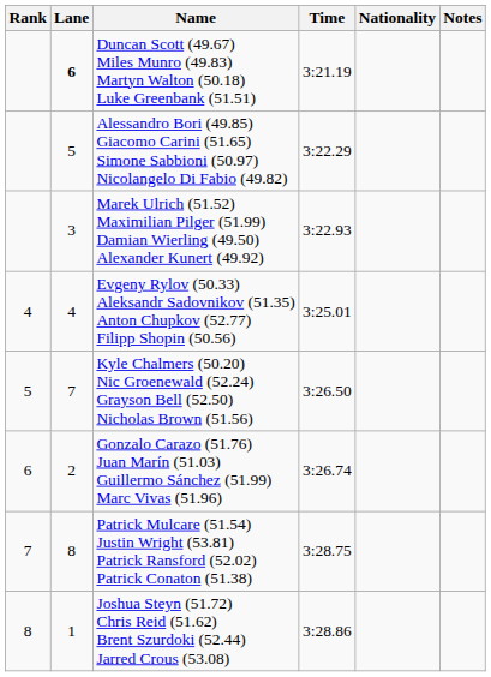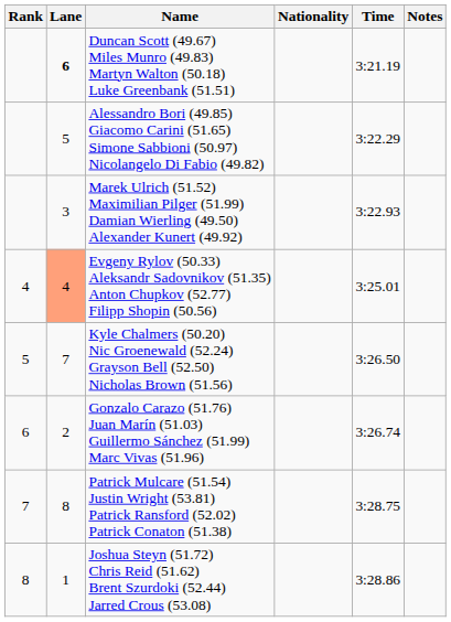 <table class="wikitable sortable" style="text-align:center">
 <tr>
 <th>Rank</th>
 <th>Lane</th>
 <th>Name</th>
+<th>Nationality</th>
 <th>Time</th>
-<th>Nationality</th>
 <th>Notes</th>
 </tr>
 <tr>
 <td></td>
 <td><strong>6</strong></td>
 <td align=left><a href='#'>Duncan Scott</a> (49.67)<br><a href='#'>Miles Munro</a> (49.83)<br><a href='#'>Martyn Walton</a> (50.18)<br><a href='#'>Luke Greenbank</a> (51.51)</td>
+<td align=left></td>
 <td>3:21.19</td>
-<td align=left></td>
 <td></td>
 </tr>
 <tr>
 <td></td>
 <td>5</td>
 <td align=left><a href='#'>Alessandro Bori</a> (49.85)<br><a href='#'>Giacomo Carini</a> (51.65)<br><a href='#'>Simone Sabbioni</a> (50.97)<br><a href='#'>Nicolangelo Di Fabio</a> (49.82)</td>
+<td align=left></td>
 <td>3:22.29</td>
-<td align=left></td>
 <td></td>
 </tr>
 <tr>
 <td></td>
 <td>3</td>
 <td align=left><a href='#'>Marek Ulrich</a> (51.52)<br><a href='#'>Maximilian Pilger</a> (51.99)<br><a href='#'>Damian Wierling</a> (49.50)<br><a href='#'>Alexander Kunert</a> (49.92)</td>
+<td align=left></td>
 <td>3:22.93</td>
-<td align=left></td>
 <td></td>
 </tr>
 <tr>
 <td>4</td>
-<td>4</td>
+<td style="background: lightsalmon;">4</td>
 <td align=left><a href='#'>Evgeny Rylov</a> (50.33)<br><a href='#'>Aleksandr Sadovnikov</a> (51.35)<br><a href='#'>Anton Chupkov</a> (52.77)<br><a href='#'>Filipp Shopin</a> (50.56)</td>
+<td align=left></td>
 <td>3:25.01</td>
-<td align=left></td>
 <td></td>
 </tr>
 <tr>
 <td>5</td>
 <td>7</td>
 <td align=left><a href='#'>Kyle Chalmers</a> (50.20)<br><a href='#'>Nic Groenewald</a> (52.24)<br><a href='#'>Grayson Bell</a> (52.50)<br><a href='#'>Nicholas Brown</a> (51.56)</td>
+<td align=left></td>
 <td>3:26.50</td>
-<td align=left></td>
 <td></td>
 </tr>
 <tr>
 <td>6</td>
 <td>2</td>
 <td align=left><a href='#'>Gonzalo Carazo</a> (51.76)<br><a href='#'>Juan Marín</a> (51.03)<br><a href='#'>Guillermo Sánchez</a> (51.99)<br><a href='#'>Marc Vivas</a> (51.96)</td>
+<td align=left></td>
 <td>3:26.74</td>
-<td align=left></td>
 <td></td>
 </tr>
 <tr>
 <td>7</td>
 <td>8</td>
 <td align=left><a href='#'>Patrick Mulcare</a> (51.54)<br><a href='#'>Justin Wright</a> (53.81)<br><a href='#'>Patrick Ransford</a> (52.02)<br><a href='#'>Patrick Conaton</a> (51.38)</td>
+<td align=left></td>
 <td>3:28.75</td>
-<td align=left></td>
 <td></td>
 </tr>
 <tr>
 <td>8</td>
 <td>1</td>
 <td align=left><a href='#'>Joshua Steyn</a> (51.72)<br><a href='#'>Chris Reid</a> (51.62)<br><a href='#'>Brent Szurdoki</a> (52.44)<br><a href='#'>Jarred Crous</a> (53.08)</td>
+<td align=left></td>
 <td>3:28.86</td>
-<td align=left></td>
 <td></td>
 </tr>
 </table>
